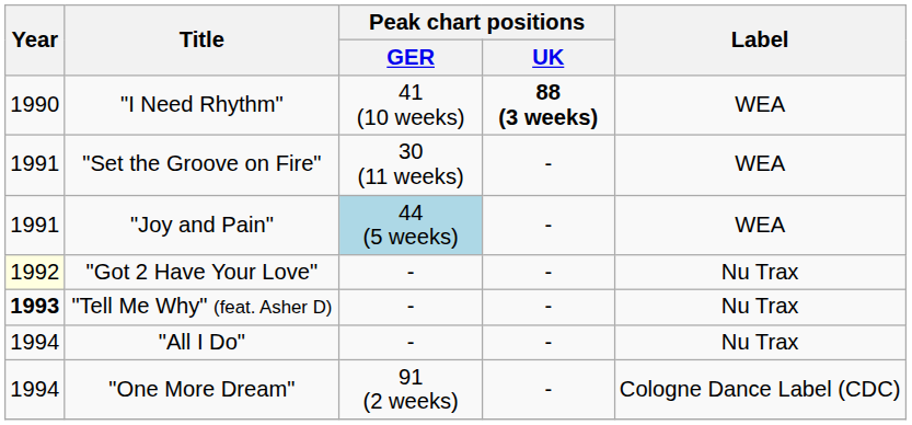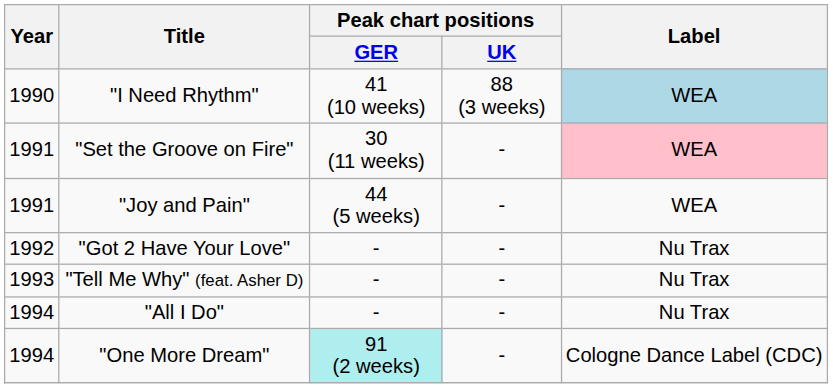 <table class="wikitable plainrowheaders" style="text-align:center;">
 <tr>
 <th scope="col" rowspan="2">Year</th>
 <th scope="col" rowspan="2" style="width:12em;">Title</th>
 <th scope="col" colspan="2" style="width:12em;">Peak chart positions</th>
 <th scope="col" rowspan="2">Label</th>
 </tr>
 <tr>
 <th scope="col"><a href='#'>GER</a></th>
 <th scope="col"><a href='#'>UK</a></th>
 </tr>
 <tr>
 <td>1990</td>
 <td>"I Need Rhythm"</td>
 <td>41<br>(10 weeks)</td>
-<td><strong>88<br>(3 weeks)</strong></td>
-<td>WEA</td>
+<td>88<br>(3 weeks)</td>
+<td style="background: lightblue;">WEA</td>
 </tr>
 <tr>
 <td>1991</td>
 <td>"Set the Groove on Fire"</td>
 <td>30<br>(11 weeks)</td>
 <td>-</td>
-<td>WEA</td>
+<td style="background: pink;">WEA</td>
 </tr>
 <tr>
 <td>1991</td>
 <td>"Joy and Pain"</td>
-<td style="background: lightblue;">44<br>(5 weeks)</td>
+<td>44<br>(5 weeks)</td>
 <td>-</td>
 <td>WEA</td>
 </tr>
 <tr>
-<td style="background: lightyellow;">1992</td>
+<td>1992</td>
 <td>"Got 2 Have Your Love"</td>
 <td>-</td>
 <td>-</td>
 <td>Nu Trax</td>
 </tr>
 <tr>
-<td><strong>1993</strong></td>
+<td>1993</td>
 <td>"Tell Me Why" <small>(feat. Asher D)</small></td>
 <td>-</td>
 <td>-</td>
 <td>Nu Trax</td>
 </tr>
 <tr>
 <td>1994</td>
 <td>"All I Do"</td>
 <td>-</td>
 <td>-</td>
 <td>Nu Trax</td>
 </tr>
 <tr>
 <td>1994</td>
 <td>"One More Dream"</td>
-<td>91<br>(2 weeks)</td>
+<td style="background: paleturquoise;">91<br>(2 weeks)</td>
 <td>-</td>
 <td>Cologne Dance Label (CDC)</td>
 </tr>
 <tr>
 </tr>
 </table>
